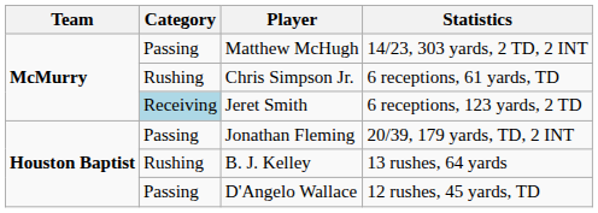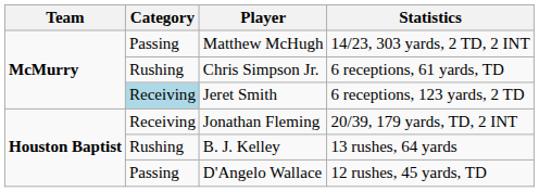 <table class="wikitable" style="float: left;">
 <tr>
 <th>Team</th>
 <th>Category</th>
 <th>Player</th>
 <th>Statistics</th>
 </tr>
 <tr>
 <td rowspan=3><strong>McMurry</strong></td>
 <td>Passing</td>
 <td>Matthew McHugh</td>
 <td>14/23, 303 yards, 2 TD, 2 INT</td>
 </tr>
 <tr>
 <td>Rushing</td>
 <td>Chris Simpson Jr.</td>
 <td>6 receptions, 61 yards, TD</td>
 </tr>
 <tr>
 <td style="background: lightblue;">Receiving</td>
 <td>Jeret Smith</td>
 <td>6 receptions, 123 yards, 2 TD</td>
 </tr>
 <tr>
 <td rowspan=3><strong>Houston Baptist</strong></td>
-<td>Passing</td>
+<td>Receiving</td>
 <td>Jonathan Fleming</td>
 <td>20/39, 179 yards, TD, 2 INT</td>
 </tr>
 <tr>
 <td>Rushing</td>
 <td>B. J. Kelley</td>
 <td>13 rushes, 64 yards</td>
 </tr>
 <tr>
 <td>Passing</td>
 <td>D'Angelo Wallace</td>
 <td>12 rushes, 45 yards, TD</td>
 </tr>
 </table>
